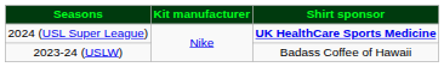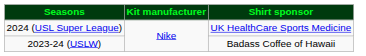 <table class="wikitable" style="text-align: center">
 <tr>
 <th style="background:#003a0e; color:#00FE1E;" scope="col" !scope=col>Seasons</th>
 <th style="background:#003a0e; color:#00FE1E;" scope="col" !scope=col>Kit manufacturer</th>
 <th style="background:#003a0e; color:#00FE1E;" scope="col" !scope=col>Shirt sponsor</th>
 </tr>
 <tr>
 <td>2024 (<a href='#'>USL Super League</a>)</td>
 <td rowspan="3"><a href='#'>Nike</a></td>
-<td><strong><a href='#'>UK HealthCare Sports Medicine</a></strong></td>
+<td><a href='#'>UK HealthCare Sports Medicine</a></td>
 </tr>
 <tr>
 <td>2023-24 (<a href='#'>USLW</a>)</td>
 <td>Badass Coffee of Hawaii</td>
 </tr>
 </table>
